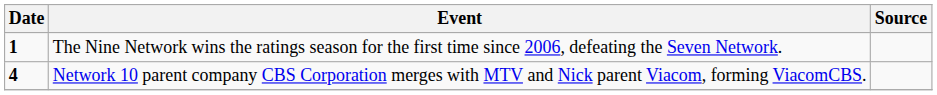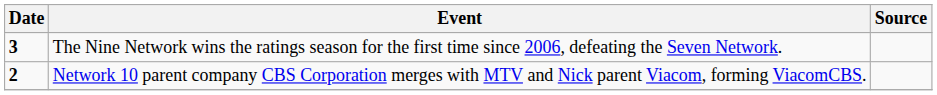 <table class="wikitable">
 <tr>
 <th>Date</th>
 <th>Event</th>
 <th>Source</th>
 </tr>
 <tr>
-<td><strong>1</strong></td>
+<td><strong>3</strong></td>
 <td>The Nine Network wins the ratings season for the first time since <a href='#'>2006</a>, defeating the <a href='#'>Seven Network</a>.</td>
 <td></td>
 </tr>
 <tr>
-<td><strong>4</strong></td>
+<td><strong>2</strong></td>
 <td><a href='#'>Network 10</a> parent company <a href='#'>CBS Corporation</a> merges with <a href='#'>MTV</a> and <a href='#'>Nick</a> parent <a href='#'>Viacom</a>, forming <a href='#'>ViacomCBS</a>.</td>
 <td></td>
 </tr>
 <tr>
 </tr>
 </table>
